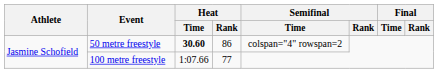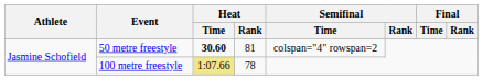 <table class="wikitable" style="text-align:center; font-size:90%; width:50%;">
 <tr>
 <th rowspan="2">Athlete</th>
 <th rowspan="2">Event</th>
 <th colspan="2">Heat</th>
 <th colspan="2">Semifinal</th>
 <th colspan="2">Final</th>
 </tr>
 <tr style="font-size:95%">
 <th>Time</th>
 <th>Rank</th>
 <th>Time</th>
 <th>Rank</th>
 <th>Time</th>
 <th>Rank</th>
 </tr>
 <tr>
 <td align=left rowspan=2><a href='#'>Jasmine Schofield</a></td>
 <td align=left><a href='#'>50 metre freestyle</a></td>
 <td><strong>30.60</strong></td>
-<td>86</td>
+<td>81</td>
 <td>colspan="4" rowspan=2 </td>
 </tr>
 <tr>
 <td align=left><a href='#'>100 metre freestyle</a></td>
-<td>1:07.66</td>
-<td>77</td>
+<td style="background: khaki;">1:07.66</td>
+<td>78</td>
 </tr>
 </table>
